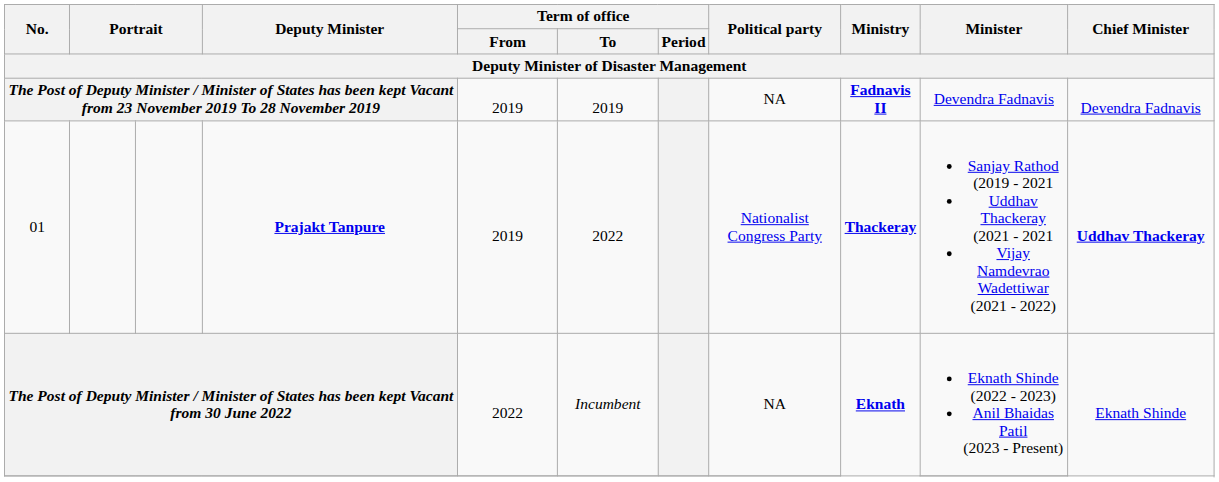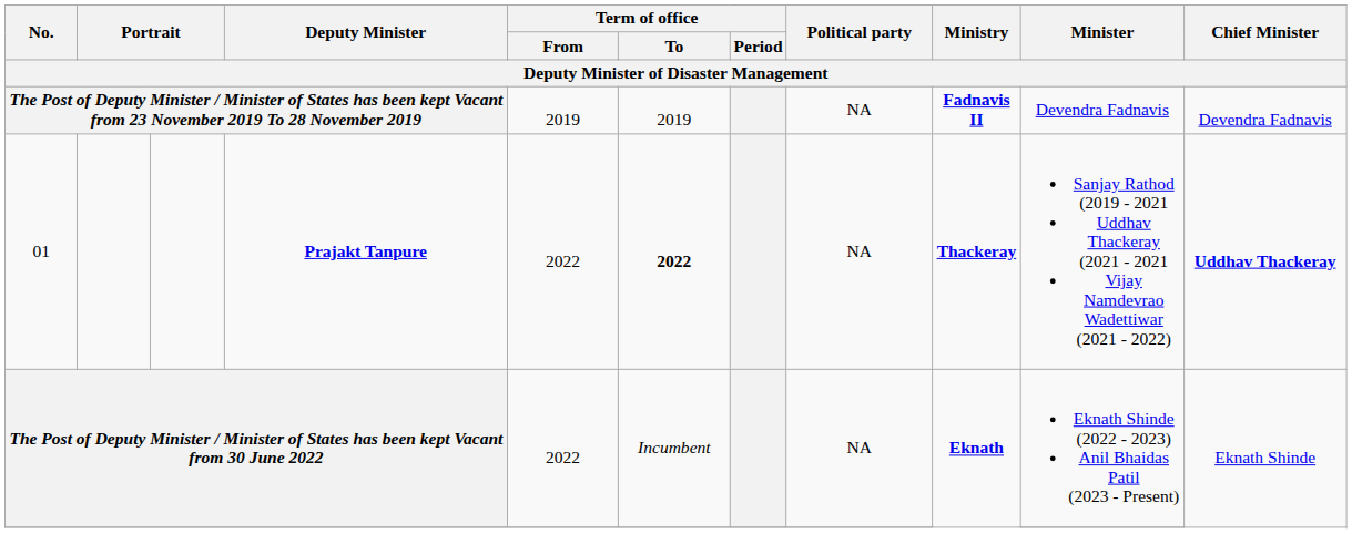 <table class="wikitable" style="text-align:center">
 <tr>
 <th rowspan="2">No.</th>
 <th rowspan="2" colspan="2">Portrait</th>
 <th rowspan="2" style="width:16em">Deputy Minister<br></th>
 <th colspan="3">Term of office</th>
 <th rowspan="2" style="width:8em">Political party</th>
 <th rowspan="2">Ministry</th>
 <th rowspan="2" style="width:9em">Minister</th>
 <th rowspan="2" style="width:9em">Chief Minister</th>
 </tr>
 <tr>
 <th style="width:6em">From</th>
 <th style="width:6em">To</th>
 <th>Period</th>
 </tr>
 <tr>
 <th colspan="11">Deputy Minister of Disaster Management</th>
 </tr>
 <tr>
 <th colspan="04"><strong><em>The Post of Deputy Minister / Minister of States has been kept Vacant from 23 November 2019 To 28 November 2019</em></strong></th>
 <td><br>2019</td>
 <td><br>2019</td>
 <th></th>
 <td>NA</td>
 <td rowspan="1"><a href='#'><strong>Fadnavis II</strong></a></td>
 <td><a href='#'>Devendra Fadnavis</a></td>
 <td rowspan="1"> <br><a href='#'>Devendra Fadnavis</a></td>
 </tr>
 <tr>
 <td>01</td>
 <td style="color:inherit;background:"></td>
 <td></td>
 <td><strong><a href='#'>Prajakt Tanpure</a></strong> <br> </td>
-<td><br>2019</td>
 <td><br>2022</td>
+<td><strong><br>2022</strong></td>
 <th></th>
-<td><a href='#'>Nationalist Congress Party</a></td>
+<td>NA</td>
 <td rowspan="1"><a href='#'><strong>Thackeray</strong></a></td>
 <td><br><ul><li><a href='#'>Sanjay Rathod</a><br> (2019 - 2021</li><li><a href='#'>Uddhav Thackeray</a> <br>(2021 - 2021</li><li><a href='#'>Vijay Namdevrao Wadettiwar</a> <br>(2021 - 2022)</li></ul></td>
 <td rowspan="1"><strong> <br><a href='#'>Uddhav Thackeray</a></strong></td>
 </tr>
 <tr>
 <th colspan="04"><strong><em>The Post of Deputy Minister / Minister of States has been kept Vacant from 30 June 2022</em></strong></th>
 <td><br>2022</td>
 <td><em>Incumbent</em></td>
 <th></th>
 <td>NA</td>
 <td rowspan="2"><a href='#'><strong>Eknath</strong></a></td>
 <td><br><ul><li><a href='#'>Eknath Shinde</a><br>(2022 - 2023)</li><li><a href='#'>Anil Bhaidas Patil</a><br> (2023 - Present)</li></ul></td>
 <td rowspan="2"> <br><a href='#'>Eknath Shinde</a></td>
 </tr>
 <tr>
 </tr>
 </table>
